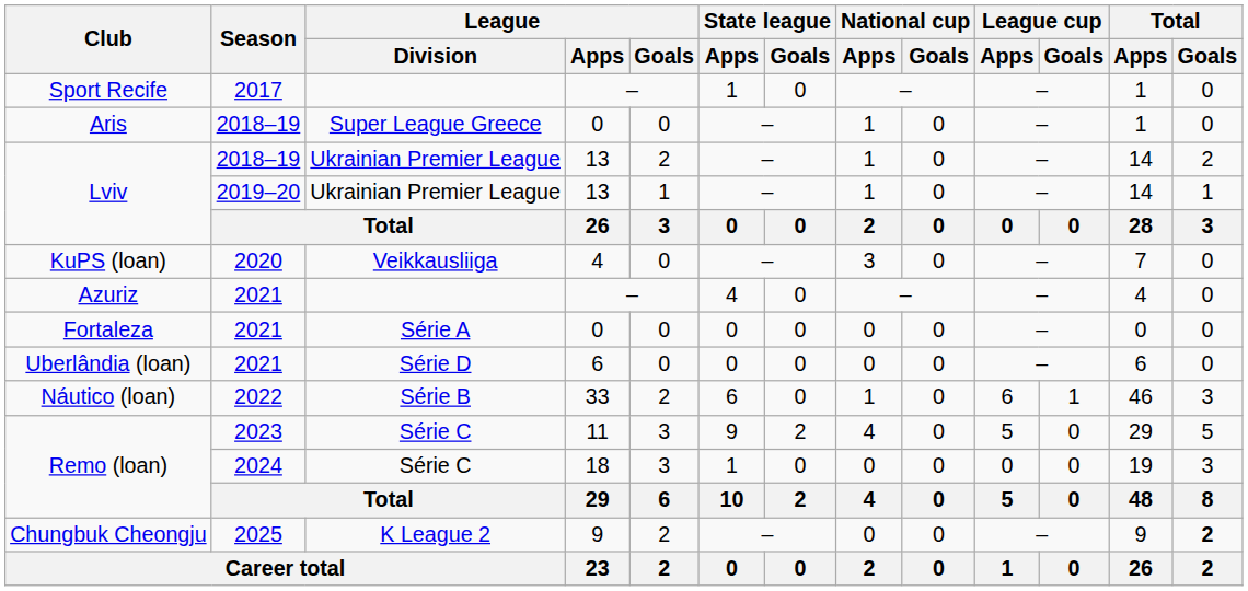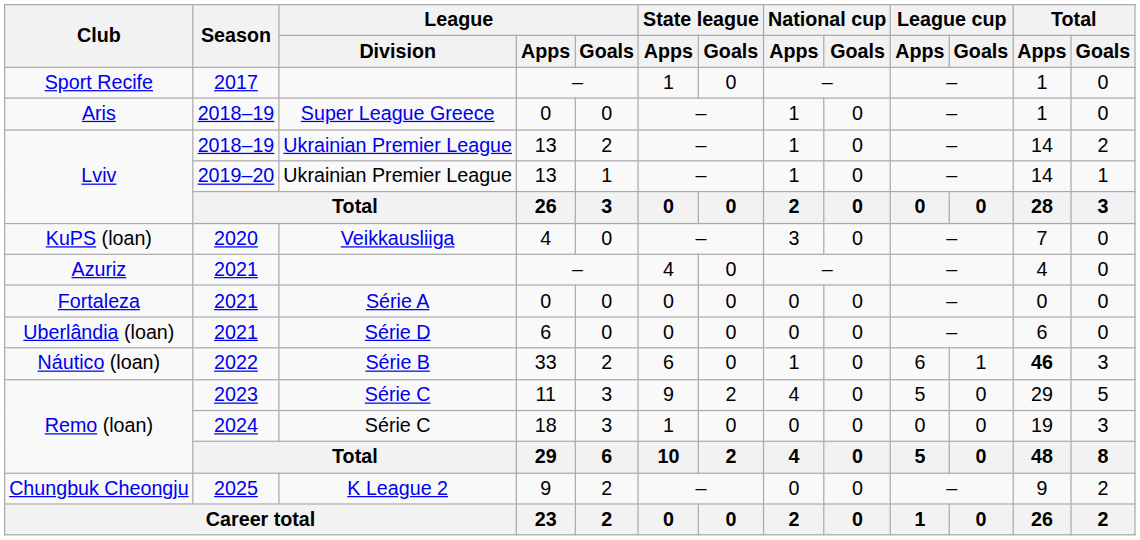 <table class="wikitable" style="text-align:center">
 <tr>
 <th rowspan="2">Club</th>
 <th rowspan="2">Season</th>
 <th colspan="3">League</th>
 <th colspan="2">State league</th>
 <th colspan="2">National cup</th>
 <th colspan="2">League cup</th>
 <th colspan="2">Total</th>
 </tr>
 <tr>
 <th>Division</th>
 <th>Apps</th>
 <th>Goals</th>
 <th>Apps</th>
 <th>Goals</th>
 <th>Apps</th>
 <th>Goals</th>
 <th>Apps</th>
 <th>Goals</th>
 <th>Apps</th>
 <th>Goals</th>
 </tr>
 <tr>
 <td><a href='#'>Sport Recife</a></td>
 <td><a href='#'>2017</a></td>
 <td></td>
 <td colspan=2>–</td>
 <td>1</td>
 <td>0</td>
 <td colspan=2>–</td>
 <td colspan=2>–</td>
 <td>1</td>
 <td>0</td>
 </tr>
 <tr>
 <td><a href='#'>Aris</a></td>
 <td><a href='#'>2018–19</a></td>
 <td><a href='#'>Super League Greece</a></td>
 <td>0</td>
 <td>0</td>
 <td colspan=2>–</td>
 <td>1</td>
 <td>0</td>
 <td colspan=2>–</td>
 <td>1</td>
 <td>0</td>
 </tr>
 <tr>
 <td rowspan=3><a href='#'>Lviv</a></td>
 <td><a href='#'>2018–19</a></td>
 <td><a href='#'>Ukrainian Premier League</a></td>
 <td>13</td>
 <td>2</td>
 <td colspan=2>–</td>
 <td>1</td>
 <td>0</td>
 <td colspan=2>–</td>
 <td>14</td>
 <td>2</td>
 </tr>
 <tr>
 <td><a href='#'>2019–20</a></td>
 <td>Ukrainian Premier League</td>
 <td>13</td>
 <td>1</td>
 <td colspan=2>–</td>
 <td>1</td>
 <td>0</td>
 <td colspan=2>–</td>
 <td>14</td>
 <td>1</td>
 </tr>
 <tr>
 <th colspan=2>Total</th>
 <th>26</th>
 <th>3</th>
 <th>0</th>
 <th>0</th>
 <th>2</th>
 <th>0</th>
 <th>0</th>
 <th>0</th>
 <th>28</th>
 <th>3</th>
 </tr>
 <tr>
 <td><a href='#'>KuPS</a> (loan)</td>
 <td><a href='#'>2020</a></td>
 <td><a href='#'>Veikkausliiga</a></td>
 <td>4</td>
 <td>0</td>
 <td colspan=2>–</td>
 <td>3</td>
 <td>0</td>
 <td colspan=2>–</td>
 <td>7</td>
 <td>0</td>
 </tr>
 <tr>
 <td><a href='#'>Azuriz</a></td>
 <td><a href='#'>2021</a></td>
 <td></td>
 <td colspan=2>–</td>
 <td>4</td>
 <td>0</td>
 <td colspan=2>–</td>
 <td colspan=2>–</td>
 <td>4</td>
 <td>0</td>
 </tr>
 <tr>
 <td><a href='#'>Fortaleza</a></td>
 <td><a href='#'>2021</a></td>
 <td><a href='#'>Série A</a></td>
 <td>0</td>
 <td>0</td>
 <td>0</td>
 <td>0</td>
 <td>0</td>
 <td>0</td>
 <td colspan=2>–</td>
 <td>0</td>
 <td>0</td>
 </tr>
 <tr>
 <td><a href='#'>Uberlândia</a> (loan)</td>
 <td><a href='#'>2021</a></td>
 <td><a href='#'>Série D</a></td>
 <td>6</td>
 <td>0</td>
 <td>0</td>
 <td>0</td>
 <td>0</td>
 <td>0</td>
 <td colspan=2>–</td>
 <td>6</td>
 <td>0</td>
 </tr>
 <tr>
 <td><a href='#'>Náutico</a> (loan)</td>
 <td><a href='#'>2022</a></td>
 <td><a href='#'>Série B</a></td>
 <td>33</td>
 <td>2</td>
 <td>6</td>
 <td>0</td>
 <td>1</td>
 <td>0</td>
 <td>6</td>
 <td>1</td>
-<td>46</td>
+<td><strong>46</strong></td>
 <td>3</td>
 </tr>
 <tr>
 <td rowspan=3><a href='#'>Remo</a> (loan)</td>
 <td><a href='#'>2023</a></td>
 <td><a href='#'>Série C</a></td>
 <td>11</td>
 <td>3</td>
 <td>9</td>
 <td>2</td>
 <td>4</td>
 <td>0</td>
 <td>5</td>
 <td>0</td>
 <td>29</td>
 <td>5</td>
 </tr>
 <tr>
 <td><a href='#'>2024</a></td>
 <td>Série C</td>
 <td>18</td>
 <td>3</td>
 <td>1</td>
 <td>0</td>
 <td>0</td>
 <td>0</td>
 <td>0</td>
 <td>0</td>
 <td>19</td>
 <td>3</td>
 </tr>
 <tr>
 <th colspan=2>Total</th>
 <th>29</th>
 <th>6</th>
 <th>10</th>
 <th>2</th>
 <th>4</th>
 <th>0</th>
 <th>5</th>
 <th>0</th>
 <th>48</th>
 <th>8</th>
 </tr>
 <tr>
 <td><a href='#'>Chungbuk Cheongju</a></td>
 <td><a href='#'>2025</a></td>
 <td><a href='#'>K League 2</a></td>
 <td>9</td>
 <td>2</td>
 <td colspan=2>–</td>
 <td>0</td>
 <td>0</td>
 <td colspan=2>–</td>
 <td>9</td>
-<td><strong>2</strong></td>
+<td>2</td>
 </tr>
 <tr>
 <th colspan="3">Career total</th>
 <th>23</th>
 <th>2</th>
 <th>0</th>
 <th>0</th>
 <th>2</th>
 <th>0</th>
 <th>1</th>
 <th>0</th>
 <th>26</th>
 <th>2</th>
 </tr>
 </table>
